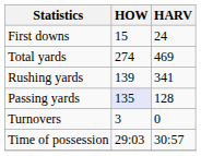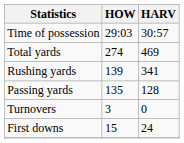 <table class="wikitable" style="float: left;">
 <tr>
 <th>Statistics</th>
 <th>HOW</th>
 <th>HARV</th>
 </tr>
 <tr>
-<td>First downs</td>
-<td>15</td>
-<td>24</td>
+<td>Time of possession</td>
+<td>29:03</td>
+<td>30:57</td>
 </tr>
 <tr>
 <td>Total yards</td>
 <td>274</td>
 <td>469</td>
 </tr>
 <tr>
 <td>Rushing yards</td>
 <td>139</td>
 <td>341</td>
 </tr>
 <tr>
 <td>Passing yards</td>
-<td style="background: lavender;">135</td>
+<td>135</td>
 <td>128</td>
 </tr>
 <tr>
 <td>Turnovers</td>
 <td>3</td>
 <td>0</td>
 </tr>
 <tr>
-<td>Time of possession</td>
-<td>29:03</td>
-<td>30:57</td>
+<td>First downs</td>
+<td>15</td>
+<td>24</td>
 </tr>
 <tr>
 </tr>
 </table>
